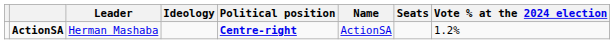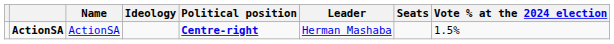 <table class="wikitable">
 <tr>
 <th></th>
 <th></th>
-<th>Leader</th>
+<th>Name</th>
 <th>Ideology</th>
 <th>Political position</th>
-<th>Name</th>
+<th>Leader</th>
 <th>Seats</th>
 <th>Vote % at the <a href='#'>2024 election</a></th>
 </tr>
 <tr>
 <td style="background:"></td>
 <td style="text-align:center;"><strong>ActionSA</strong></td>
+<td><a href='#'>ActionSA</a></td>
+<td></td>
+<td><strong><a href='#'>Centre-right</a></strong></td>
 <td><a href='#'>Herman Mashaba</a></td>
 <td></td>
-<td><strong><a href='#'>Centre-right</a></strong></td>
-<td><a href='#'>ActionSA</a></td>
-<td></td>
-<td>1.2%</td>
+<td>1.5%</td>
 </tr>
 </table>
